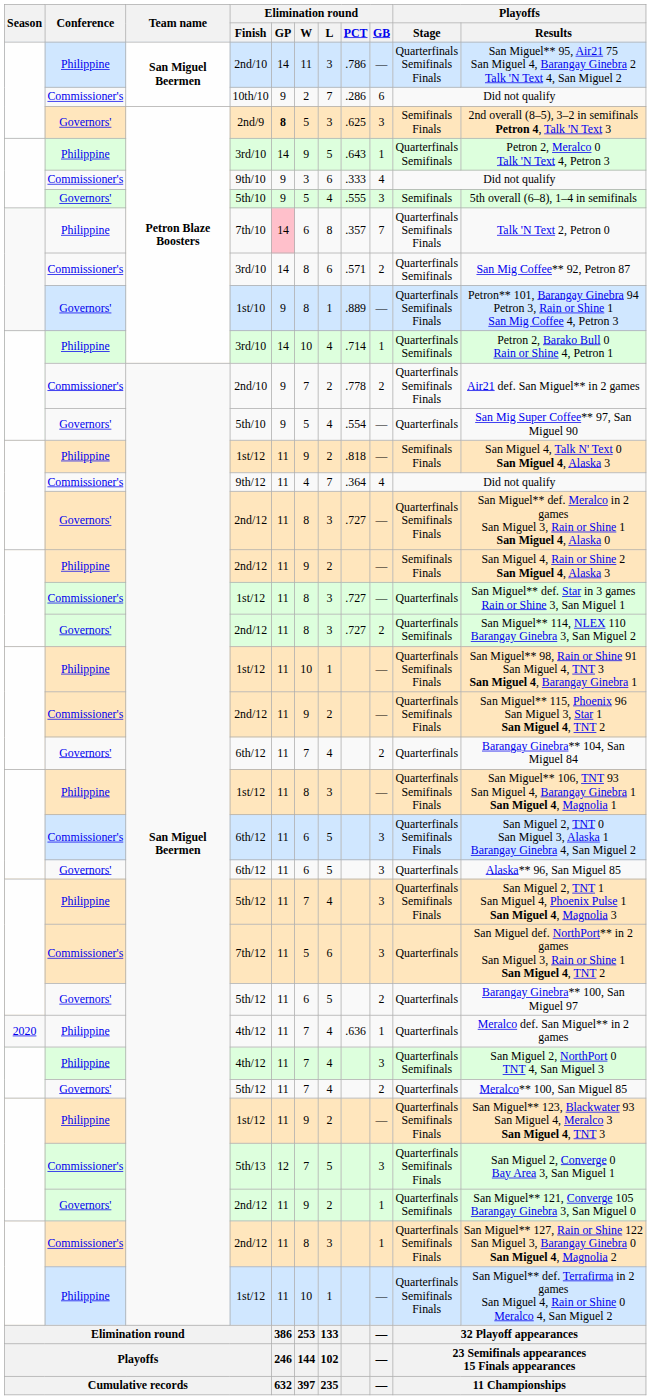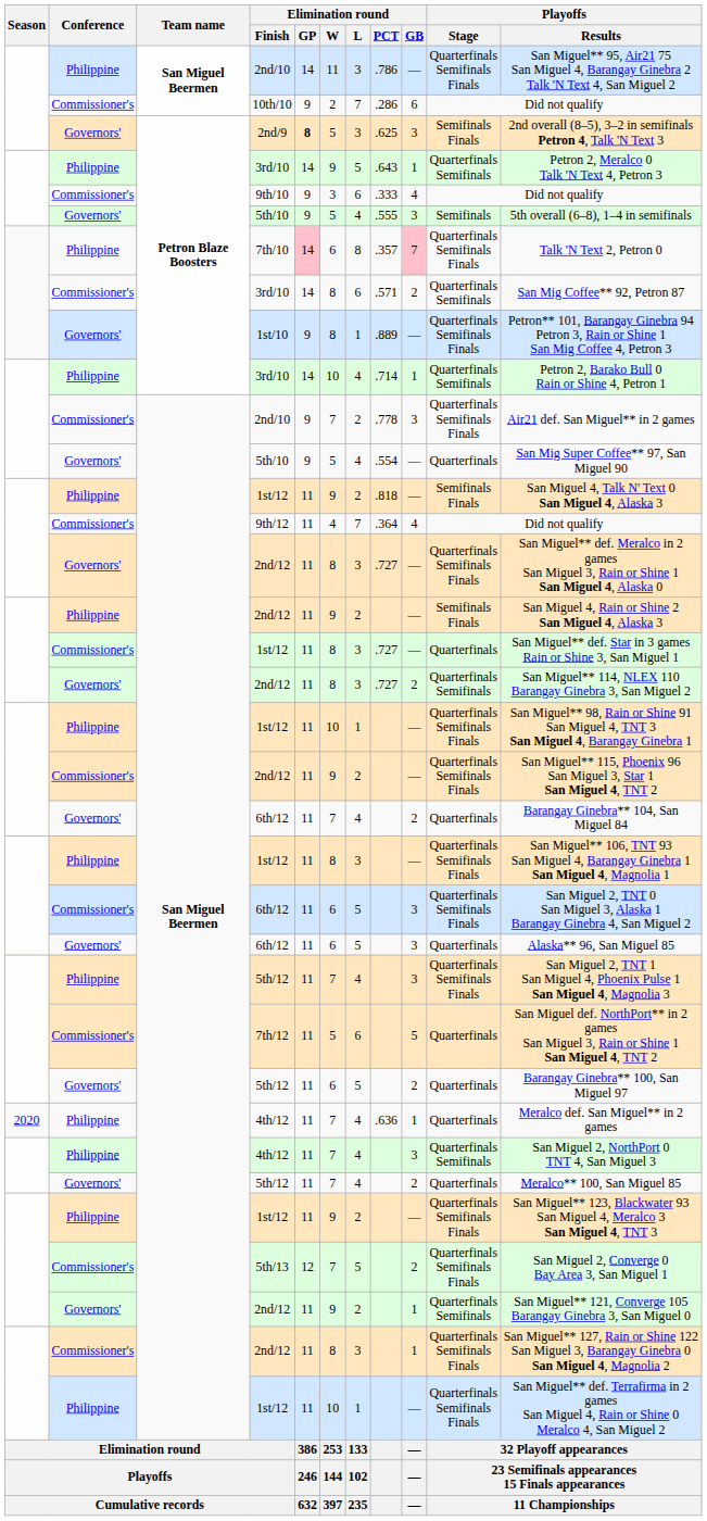 <table class=wikitable style="text-align:center;">
 <tr>
 <th rowspan=2>Season</th>
 <th rowspan=2>Conference</th>
 <th rowspan=2>Team name</th>
 <th colspan=6>Elimination round</th>
 <th colspan=2>Playoffs</th>
 </tr>
 <tr>
 <th>Finish</th>
 <th>GP</th>
 <th>W</th>
 <th>L</th>
 <th><a href='#'>PCT</a></th>
 <th><a href='#'>GB</a></th>
 <th>Stage</th>
 <th>Results</th>
 </tr>
 <tr bgcolor=#D0E7FF>
 <td bgcolor=#fefefe rowspan=3></td>
 <td><a href='#'>Philippine</a></td>
 <td rowspan=2 bgcolor=fefefe><strong>San Miguel Beermen</strong></td>
 <td>2nd/10</td>
 <td>14</td>
 <td>11</td>
 <td>3</td>
 <td>.786</td>
 <td>—</td>
 <td>Quarterfinals<br>Semifinals<br>Finals</td>
 <td>San Miguel** 95, <a href='#'>Air21</a> 75<br>San Miguel 4, <a href='#'>Barangay Ginebra</a> 2<br><a href='#'>Talk 'N Text</a> 4, San Miguel 2</td>
 </tr>
 <tr>
 <td><a href='#'>Commissioner's</a></td>
 <td>10th/10</td>
 <td>9</td>
 <td>2</td>
 <td>7</td>
 <td>.286</td>
 <td>6</td>
 <td colspan=2>Did not qualify</td>
 </tr>
 <tr bgcolor=#FFE6BD>
 <td><a href='#'>Governors'</a></td>
 <td bgcolor=#fefefe rowspan=8><strong>Petron Blaze Boosters</strong></td>
 <td>2nd/9</td>
 <td><strong>8</strong></td>
 <td>5</td>
 <td>3</td>
 <td>.625</td>
 <td>3</td>
 <td>Semifinals<br>Finals</td>
 <td>2nd overall (8–5), 3–2 in semifinals<br><strong>Petron 4</strong>, <a href='#'>Talk 'N Text</a> 3</td>
 </tr>
 <tr bgcolor=#DDFFDD>
 <td bgcolor=#fefefe rowspan=3></td>
 <td><a href='#'>Philippine</a></td>
 <td>3rd/10</td>
 <td>14</td>
 <td>9</td>
 <td>5</td>
 <td>.643</td>
 <td>1</td>
 <td>Quarterfinals<br>Semifinals</td>
 <td>Petron 2, <a href='#'>Meralco</a> 0<br><a href='#'>Talk 'N Text</a> 4, Petron 3</td>
 </tr>
 <tr>
 <td><a href='#'>Commissioner's</a></td>
 <td>9th/10</td>
 <td>9</td>
 <td>3</td>
 <td>6</td>
 <td>.333</td>
 <td>4</td>
 <td colspan=2>Did not qualify</td>
 </tr>
 <tr bgcolor=#DDFFDD>
 <td><a href='#'>Governors'</a></td>
 <td>5th/10</td>
 <td>9</td>
 <td>5</td>
 <td>4</td>
 <td>.555</td>
 <td>3</td>
 <td>Semifinals</td>
 <td>5th overall (6–8), 1–4 in semifinals</td>
 </tr>
 <tr>
 <td rowspan=3></td>
 <td><a href='#'>Philippine</a></td>
 <td>7th/10</td>
 <td style="background: pink;">14</td>
 <td>6</td>
 <td>8</td>
 <td>.357</td>
-<td>7</td>
+<td style="background: pink;">7</td>
 <td>Quarterfinals<br>Semifinals<br>Finals</td>
 <td><a href='#'>Talk 'N Text</a> 2, Petron 0</td>
 </tr>
 <tr>
 <td><a href='#'>Commissioner's</a></td>
 <td>3rd/10</td>
 <td>14</td>
 <td>8</td>
 <td>6</td>
 <td>.571</td>
 <td>2</td>
 <td>Quarterfinals<br>Semifinals</td>
 <td><a href='#'>San Mig Coffee</a>** 92, Petron 87</td>
 </tr>
 <tr bgcolor=#D0E7FF>
 <td><a href='#'>Governors'</a></td>
 <td>1st/10</td>
 <td>9</td>
 <td>8</td>
 <td>1</td>
 <td>.889</td>
 <td>—</td>
 <td>Quarterfinals<br>Semifinals<br>Finals</td>
 <td>Petron** 101, <a href='#'>Barangay Ginebra</a> 94<br>Petron 3, <a href='#'>Rain or Shine</a> 1<br><a href='#'>San Mig Coffee</a> 4, Petron 3</td>
 </tr>
 <tr bgcolor=#DDFFDD>
 <td bgcolor=#fefefe rowspan=3></td>
 <td><a href='#'>Philippine</a></td>
 <td>3rd/10</td>
 <td>14</td>
 <td>10</td>
 <td>4</td>
 <td>.714</td>
 <td>1</td>
 <td>Quarterfinals<br>Semifinals</td>
 <td>Petron 2, <a href='#'>Barako Bull</a> 0<br><a href='#'>Rain or Shine</a> 4, Petron 1</td>
 </tr>
 <tr>
 <td><a href='#'>Commissioner's</a></td>
 <td rowspan="25"><strong>San Miguel Beermen</strong></td>
 <td>2nd/10</td>
 <td>9</td>
 <td>7</td>
 <td>2</td>
 <td>.778</td>
-<td>2</td>
+<td>3</td>
 <td>Quarterfinals<br>Semifinals<br>Finals</td>
 <td><a href='#'>Air21</a> def. San Miguel** in 2 games</td>
 </tr>
 <tr>
 <td><a href='#'>Governors'</a></td>
 <td>5th/10</td>
 <td>9</td>
 <td>5</td>
 <td>4</td>
 <td>.554</td>
 <td>—</td>
 <td>Quarterfinals</td>
 <td><a href='#'>San Mig Super Coffee</a>** 97, San Miguel 90</td>
 </tr>
 <tr bgcolor=#FFE6BD>
 <td bgcolor=#fefefe rowspan=3></td>
 <td><a href='#'>Philippine</a></td>
 <td>1st/12</td>
 <td>11</td>
 <td>9</td>
 <td>2</td>
 <td>.818</td>
 <td>—</td>
 <td>Semifinals<br>Finals</td>
 <td>San Miguel 4, <a href='#'>Talk N' Text</a> 0<br><strong>San Miguel 4</strong>, <a href='#'>Alaska</a> 3</td>
 </tr>
 <tr>
 <td><a href='#'>Commissioner's</a></td>
 <td>9th/12</td>
 <td>11</td>
 <td>4</td>
 <td>7</td>
 <td>.364</td>
 <td>4</td>
 <td colspan=2>Did not qualify</td>
 </tr>
 <tr bgcolor=#FFE6BD>
 <td><a href='#'>Governors'</a></td>
 <td>2nd/12</td>
 <td>11</td>
 <td>8</td>
 <td>3</td>
 <td>.727</td>
 <td>—</td>
 <td>Quarterfinals<br>Semifinals<br>Finals</td>
 <td>San Miguel** def. <a href='#'>Meralco</a> in 2 games<br>San Miguel 3, <a href='#'>Rain or Shine</a> 1<br><strong>San Miguel 4</strong>, <a href='#'>Alaska</a> 0</td>
 </tr>
 <tr bgcolor=#FFE6BD>
 <td bgcolor=#fefefe rowspan=3></td>
 <td><a href='#'>Philippine</a></td>
 <td>2nd/12</td>
 <td>11</td>
 <td>9</td>
 <td>2</td>
 <td></td>
 <td>—</td>
 <td>Semifinals<br>Finals</td>
 <td>San Miguel 4, <a href='#'>Rain or Shine</a> 2<br><strong>San Miguel 4</strong>, <a href='#'>Alaska</a> 3</td>
 </tr>
 <tr bgcolor=#DDFFDD>
 <td><a href='#'>Commissioner's</a></td>
 <td>1st/12</td>
 <td>11</td>
 <td>8</td>
 <td>3</td>
 <td>.727</td>
 <td>—</td>
 <td>Quarterfinals</td>
 <td>San Miguel** def. <a href='#'>Star</a> in 3 games<br><a href='#'>Rain or Shine</a> 3, San Miguel 1</td>
 </tr>
 <tr bgcolor=#DDFFDD>
 <td><a href='#'>Governors'</a></td>
 <td>2nd/12</td>
 <td>11</td>
 <td>8</td>
 <td>3</td>
 <td>.727</td>
 <td>2</td>
 <td>Quarterfinals<br>Semifinals</td>
 <td>San Miguel** 114, <a href='#'>NLEX</a> 110<br><a href='#'>Barangay Ginebra</a> 3, San Miguel 2</td>
 </tr>
 <tr bgcolor=#FFE6BD>
 <td bgcolor=#fefefe rowspan=3></td>
 <td><a href='#'>Philippine</a></td>
 <td>1st/12</td>
 <td>11</td>
 <td>10</td>
 <td>1</td>
 <td></td>
 <td>—</td>
 <td>Quarterfinals<br>Semifinals<br>Finals</td>
 <td>San Miguel** 98, <a href='#'>Rain or Shine</a> 91<br>San Miguel 4, <a href='#'>TNT</a> 3<br><strong>San Miguel 4</strong>, <a href='#'>Barangay Ginebra</a> 1</td>
 </tr>
 <tr bgcolor=#FFE6BD>
 <td><a href='#'>Commissioner's</a></td>
 <td>2nd/12</td>
 <td>11</td>
 <td>9</td>
 <td>2</td>
 <td></td>
 <td>—</td>
 <td>Quarterfinals<br>Semifinals<br>Finals</td>
 <td>San Miguel** 115, <a href='#'>Phoenix</a> 96<br>San Miguel 3, <a href='#'>Star</a> 1<br><strong>San Miguel 4</strong>, <a href='#'>TNT</a> 2</td>
 </tr>
 <tr>
 <td><a href='#'>Governors'</a></td>
 <td>6th/12</td>
 <td>11</td>
 <td>7</td>
 <td>4</td>
 <td></td>
 <td>2</td>
 <td>Quarterfinals</td>
 <td><a href='#'>Barangay Ginebra</a>** 104, San Miguel 84</td>
 </tr>
 <tr bgcolor=#FFE6BD>
 <td bgcolor=#fefefe rowspan=3></td>
 <td><a href='#'>Philippine</a></td>
 <td>1st/12</td>
 <td>11</td>
 <td>8</td>
 <td>3</td>
 <td></td>
 <td>—</td>
 <td>Quarterfinals<br>Semifinals<br>Finals</td>
 <td>San Miguel** 106, <a href='#'>TNT</a> 93<br>San Miguel 4, <a href='#'>Barangay Ginebra</a> 1<br><strong>San Miguel 4</strong>, <a href='#'>Magnolia</a> 1</td>
 </tr>
 <tr bgcolor=#D0E7FF>
 <td><a href='#'>Commissioner's</a></td>
 <td>6th/12</td>
 <td>11</td>
 <td>6</td>
 <td>5</td>
 <td></td>
 <td>3</td>
 <td>Quarterfinals<br>Semifinals<br>Finals</td>
 <td>San Miguel 2, <a href='#'>TNT</a> 0<br>San Miguel 3, <a href='#'>Alaska</a> 1<br><a href='#'>Barangay Ginebra</a> 4, San Miguel 2</td>
 </tr>
 <tr>
 <td><a href='#'>Governors'</a></td>
 <td>6th/12</td>
 <td>11</td>
 <td>6</td>
 <td>5</td>
 <td></td>
 <td>3</td>
 <td>Quarterfinals</td>
 <td><a href='#'>Alaska</a>** 96, San Miguel 85</td>
 </tr>
 <tr bgcolor=#FFE6BD>
 <td bgcolor=#fefefe rowspan=3></td>
 <td><a href='#'>Philippine</a></td>
 <td>5th/12</td>
 <td>11</td>
 <td>7</td>
 <td>4</td>
 <td></td>
 <td>3</td>
 <td>Quarterfinals<br>Semifinals<br>Finals</td>
 <td>San Miguel 2, <a href='#'>TNT</a> 1<br>San Miguel 4, <a href='#'>Phoenix Pulse</a> 1<br><strong>San Miguel 4</strong>, <a href='#'>Magnolia</a> 3</td>
 </tr>
 <tr bgcolor=#FFE6BD>
 <td><a href='#'>Commissioner's</a></td>
 <td>7th/12</td>
 <td>11</td>
 <td>5</td>
 <td>6</td>
 <td></td>
-<td>3</td>
+<td>5</td>
 <td>Quarterfinals</td>
 <td>San Miguel def. <a href='#'>NorthPort</a>** in 2 games<br>San Miguel 3, <a href='#'>Rain or Shine</a> 1<br><strong>San Miguel 4</strong>, <a href='#'>TNT</a> 2</td>
 </tr>
 <tr>
 <td><a href='#'>Governors'</a></td>
 <td>5th/12</td>
 <td>11</td>
 <td>6</td>
 <td>5</td>
 <td></td>
 <td>2</td>
 <td>Quarterfinals</td>
 <td><a href='#'>Barangay Ginebra</a>** 100, San Miguel 97</td>
 </tr>
 <tr>
 <td><a href='#'>2020</a></td>
 <td><a href='#'>Philippine</a></td>
 <td>4th/12</td>
 <td>11</td>
 <td>7</td>
 <td>4</td>
 <td>.636</td>
 <td>1</td>
 <td>Quarterfinals</td>
 <td><a href='#'>Meralco</a> def. San Miguel** in 2 games</td>
 </tr>
 <tr bgcolor=#DDFFDD>
 <td bgcolor=#fefefe rowspan=2></td>
 <td><a href='#'>Philippine</a></td>
 <td>4th/12</td>
 <td>11</td>
 <td>7</td>
 <td>4</td>
 <td></td>
 <td>3</td>
 <td>Quarterfinals<br>Semifinals</td>
 <td>San Miguel 2, <a href='#'>NorthPort</a> 0<br><a href='#'>TNT</a> 4, San Miguel 3</td>
 </tr>
 <tr>
 <td><a href='#'>Governors'</a></td>
 <td>5th/12</td>
 <td>11</td>
 <td>7</td>
 <td>4</td>
 <td></td>
 <td>2</td>
 <td>Quarterfinals</td>
 <td><a href='#'>Meralco</a>** 100, San Miguel 85</td>
 </tr>
 <tr bgcolor=#FFE6BD>
 <td bgcolor=#fefefe rowspan=3></td>
 <td><a href='#'>Philippine</a></td>
 <td>1st/12</td>
 <td>11</td>
 <td>9</td>
 <td>2</td>
 <td></td>
 <td>—</td>
 <td>Quarterfinals<br>Semifinals<br>Finals</td>
 <td>San Miguel** 123, <a href='#'>Blackwater</a> 93<br>San Miguel 4, <a href='#'>Meralco</a> 3<br><strong>San Miguel 4</strong>, <a href='#'>TNT</a> 3</td>
 </tr>
 <tr bgcolor=#DDFFDD>
 <td><a href='#'>Commissioner's</a></td>
 <td>5th/13</td>
 <td>12</td>
 <td>7</td>
 <td>5</td>
 <td></td>
-<td>3</td>
+<td>2</td>
 <td>Quarterfinals<br>Semifinals<br>Finals</td>
 <td>San Miguel 2, <a href='#'>Converge</a> 0<br><a href='#'>Bay Area</a> 3, San Miguel 1</td>
 </tr>
 <tr bgcolor=#DDFFDD>
 <td><a href='#'>Governors'</a></td>
 <td>2nd/12</td>
 <td>11</td>
 <td>9</td>
 <td>2</td>
 <td></td>
 <td>1</td>
 <td>Quarterfinals<br>Semifinals</td>
 <td>San Miguel** 121, <a href='#'>Converge</a> 105<br><a href='#'>Barangay Ginebra</a> 3, San Miguel 0</td>
 </tr>
 <tr bgcolor=#FFE6BD>
 <td bgcolor=#fefefe rowspan=2></td>
 <td><a href='#'>Commissioner's</a></td>
 <td>2nd/12</td>
 <td>11</td>
 <td>8</td>
 <td>3</td>
 <td></td>
 <td>1</td>
 <td>Quarterfinals<br>Semifinals<br>Finals</td>
 <td>San Miguel** 127, <a href='#'>Rain or Shine</a> 122<br>San Miguel 3, <a href='#'>Barangay Ginebra</a> 0<br><strong>San Miguel 4</strong>, <a href='#'>Magnolia</a> 2</td>
 </tr>
 <tr bgcolor=#D0E7FF>
 <td><a href='#'>Philippine</a></td>
 <td>1st/12</td>
 <td>11</td>
 <td>10</td>
 <td>1</td>
 <td></td>
 <td>—</td>
 <td>Quarterfinals<br>Semifinals<br>Finals</td>
 <td>San Miguel** def. <a href='#'>Terrafirma</a> in 2 games<br>San Miguel 4, <a href='#'>Rain or Shine</a> 0<br><a href='#'>Meralco</a> 4, San Miguel 2</td>
 </tr>
 <tr>
 <th colspan="4">Elimination round</th>
 <th>386</th>
 <th>253</th>
 <th>133</th>
 <th></th>
 <th>—</th>
 <th colspan="2">32 Playoff appearances</th>
 </tr>
 <tr>
 <th colspan="4">Playoffs</th>
 <th>246</th>
 <th>144</th>
 <th>102</th>
 <th></th>
 <th>—</th>
 <th colspan="2">23 Semifinals appearances<br>15 Finals appearances</th>
 </tr>
 <tr>
 <th colspan="4">Cumulative records</th>
 <th>632</th>
 <th>397</th>
 <th>235</th>
 <th></th>
 <th>—</th>
 <th colspan="2">11 Championships</th>
 </tr>
 </table>
